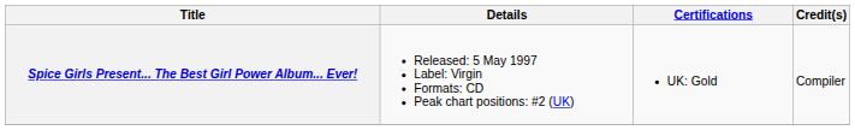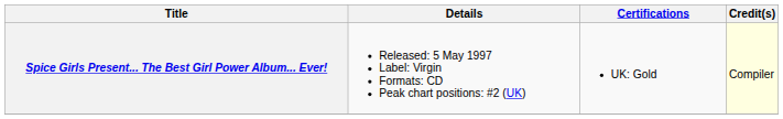 <table class="wikitable plainrowheaders">
 <tr>
 <th scope="col" style="width:30em;">Title</th>
 <th scope="col" width=30%>Details</th>
 <th scope="col" style="width:12.5em;"><a href='#'>Certifications</a></th>
 <th scope="col">Credit(s)</th>
 </tr>
 <tr>
 <th scope="row"><em><a href='#'>Spice Girls Present... The Best Girl Power Album... Ever!</a></em></th>
 <td><br><ul><li>Released: 5 May 1997</li><li>Label: Virgin</li><li>Formats: CD</li><li>Peak chart positions: #2 (<a href='#'>UK</a>)</li></ul></td>
 <td><br><ul><li>UK: Gold</li></ul></td>
-<td><br>Compiler</td>
+<td style="background: lightyellow;"><br>Compiler</td>
 </tr>
 <tr>
 </tr>
 </table>
